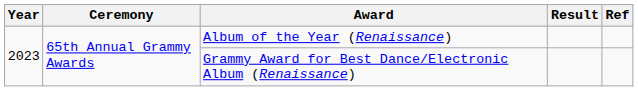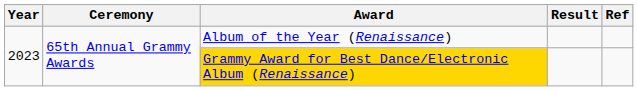 <table class="wikitable">
 <tr style="background:#ccc; text-align:center;">
 <th scope="col">Year</th>
 <th scope="col">Ceremony</th>
 <th scope="col">Award</th>
 <th scope="col">Result</th>
 <th>Ref</th>
 </tr>
 <tr>
 <td rowspan="2">2023</td>
 <td rowspan="2"><a href='#'>65th Annual Grammy Awards</a></td>
 <td><a href='#'>Album of the Year</a> (<em><a href='#'>Renaissance</a></em>)</td>
 <td></td>
 <td style="text-align:center;"></td>
 </tr>
 <tr>
-<td><a href='#'>Grammy Award for Best Dance/Electronic Album</a> (<em><a href='#'>Renaissance</a></em>) </td>
+<td style="background: gold;"><a href='#'>Grammy Award for Best Dance/Electronic Album</a> (<em><a href='#'>Renaissance</a></em>) </td>
 <td></td>
 <td style="text-align:center;"></td>
 </tr>
 </table>
